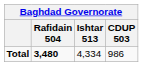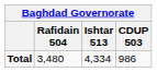 <table class="wikitable">
 <tr>
 <th colspan="4"><a href='#'>Baghdad Governorate</a></th>
 </tr>
 <tr bgcolor="#f5f5f5">
 <th></th>
 <th>Rafidain<br>504</th>
 <th>Ishtar<br>513</th>
 <th>CDUP<br>503</th>
 </tr>
 <tr>
 <td><strong>Total</strong></td>
-<td><strong>3,480</strong></td>
+<td>3,480</td>
 <td>4,334</td>
 <td>986</td>
 </tr>
 </table>
